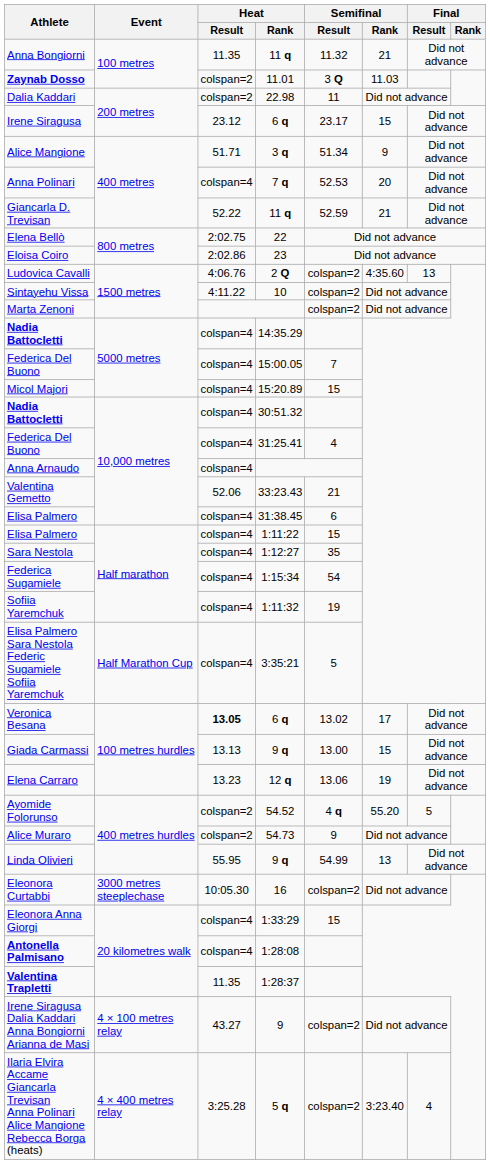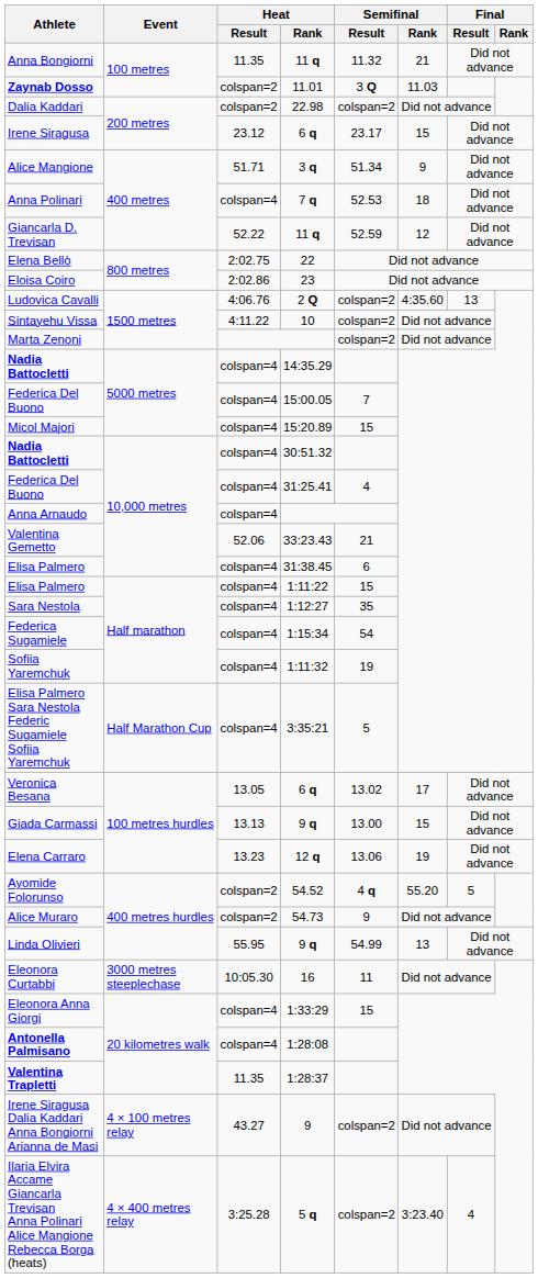 <table class=wikitable style=font-size:90%>
 <tr>
 <th rowspan=2>Athlete</th>
 <th rowspan=2>Event</th>
 <th colspan=2>Heat</th>
 <th colspan=2>Semifinal</th>
 <th colspan=2>Final</th>
 </tr>
 <tr style=font-size:95%>
 <th>Result</th>
 <th>Rank</th>
 <th>Result</th>
 <th>Rank</th>
 <th>Result</th>
 <th>Rank</th>
 </tr>
 <tr align=center>
 <td align=left><a href='#'>Anna Bongiorni</a></td>
 <td align=left rowspan=2><a href='#'>100 metres</a></td>
 <td>11.35 </td>
 <td>11 <strong>q</strong></td>
 <td>11.32 </td>
 <td>21</td>
 <td colspan=2>Did not advance</td>
 </tr>
 <tr align=center>
 <td align=left><strong><a href='#'>Zaynab Dosso</a></strong></td>
 <td>colspan=2</td>
 <td>11.01 </td>
 <td>3 <strong>Q</strong></td>
 <td>11.03</td>
 <td></td>
 </tr>
 <tr align=center>
 <td align=left><a href='#'>Dalia Kaddari</a></td>
 <td align=left rowspan=2><a href='#'>200 metres</a></td>
 <td>colspan=2</td>
 <td>22.98 </td>
-<td>11</td>
+<td>colspan=2</td>
 <td colspan=2>Did not advance</td>
 </tr>
 <tr align=center>
 <td align=left><a href='#'>Irene Siragusa</a></td>
 <td>23.12</td>
 <td>6 <strong>q</strong></td>
 <td>23.17</td>
 <td>15</td>
 <td colspan=2>Did not advance</td>
 </tr>
 <tr align=center>
 <td align=left><a href='#'>Alice Mangione</a></td>
 <td align=left rowspan=3><a href='#'>400 metres</a></td>
 <td>51.71 </td>
 <td>3 <strong>q</strong></td>
 <td>51.34 </td>
 <td>9</td>
 <td colspan=2>Did not advance</td>
 </tr>
 <tr align=center>
 <td align=left><a href='#'>Anna Polinari</a></td>
 <td>colspan=4</td>
 <td>7 <strong>q</strong></td>
 <td>52.53</td>
-<td>20</td>
+<td>18</td>
 <td colspan=2>Did not advance</td>
 </tr>
 <tr align=center>
 <td align=left><a href='#'>Giancarla D. Trevisan</a></td>
 <td>52.22 </td>
 <td>11 <strong>q</strong></td>
 <td>52.59</td>
-<td>21</td>
+<td>12</td>
 <td colspan=2>Did not advance</td>
 </tr>
 <tr align=center>
 <td align=left><a href='#'>Elena Bellò</a></td>
 <td align=left rowspan=2><a href='#'>800 metres</a></td>
 <td>2:02.75</td>
 <td>22</td>
 <td colspan=4>Did not advance</td>
 </tr>
 <tr align=center>
 <td align=left><a href='#'>Eloisa Coiro</a></td>
 <td>2:02.86</td>
 <td>23</td>
 <td colspan=4>Did not advance</td>
 </tr>
 <tr align=center>
 <td align=left><a href='#'>Ludovica Cavalli</a></td>
 <td align=left rowspan=3><a href='#'>1500 metres</a></td>
 <td>4:06.76</td>
 <td>2 <strong>Q</strong></td>
 <td>colspan=2</td>
 <td>4:35.60</td>
 <td>13</td>
 </tr>
 <tr align=center>
 <td align=left><a href='#'>Sintayehu Vissa</a></td>
 <td>4:11.22</td>
 <td>10</td>
 <td>colspan=2</td>
 <td colspan=2>Did not advance</td>
 </tr>
 <tr align=center>
 <td align=left><a href='#'>Marta Zenoni</a></td>
 <td colspan=2></td>
 <td>colspan=2</td>
 <td colspan=2>Did not advance</td>
 </tr>
 <tr align=center>
 <td align=left><strong><a href='#'>Nadia Battocletti</a></strong></td>
 <td align=left rowspan=3><a href='#'>5000 metres</a></td>
 <td>colspan=4</td>
 <td>14:35.29 </td>
 <td></td>
 </tr>
 <tr align=center>
 <td align=left><a href='#'>Federica Del Buono</a></td>
 <td>colspan=4</td>
 <td>15:00.05 </td>
 <td>7</td>
 </tr>
 <tr align=center>
 <td align=left><a href='#'>Micol Majori</a></td>
 <td>colspan=4</td>
 <td>15:20.89 </td>
 <td>15</td>
 </tr>
 <tr align=center>
 <td align=left><strong><a href='#'>Nadia Battocletti</a></strong></td>
 <td align=left rowspan=5><a href='#'>10,000 metres</a></td>
 <td>colspan=4</td>
 <td>30:51.32 </td>
 <td></td>
 </tr>
 <tr align=center>
 <td align=left><a href='#'>Federica Del Buono</a></td>
 <td>colspan=4</td>
 <td>31:25.41 </td>
 <td>4</td>
 </tr>
 <tr align=center>
 <td align=left><a href='#'>Anna Arnaudo</a></td>
 <td>colspan=4</td>
 <td colspan=2></td>
 </tr>
 <tr align=center>
 <td align=left><a href='#'>Valentina Gemetto</a></td>
 <td>52.06</td>
 <td>33:23.43</td>
 <td>21</td>
 </tr>
 <tr align=center>
 <td align=left><a href='#'>Elisa Palmero</a></td>
 <td>colspan=4</td>
 <td>31:38.45 </td>
 <td>6</td>
 </tr>
 <tr align=center>
 <td align=left><a href='#'>Elisa Palmero</a></td>
 <td align=left rowspan=4><a href='#'>Half marathon</a></td>
 <td>colspan=4</td>
 <td>1:11:22 </td>
 <td>15</td>
 </tr>
 <tr align=center>
 <td align=left><a href='#'>Sara Nestola</a></td>
 <td>colspan=4</td>
 <td>1:12:27</td>
 <td>35</td>
 </tr>
 <tr align=center>
 <td align=left><a href='#'>Federica Sugamiele</a></td>
 <td>colspan=4</td>
 <td>1:15:34 </td>
 <td>54</td>
 </tr>
 <tr align=center>
 <td align=left><a href='#'>Sofiia Yaremchuk</a></td>
 <td>colspan=4</td>
 <td>1:11:32</td>
 <td>19</td>
 </tr>
 <tr align=center>
 <td align=left><a href='#'>Elisa Palmero</a><br><a href='#'>Sara Nestola</a><br><a href='#'>Federic Sugamiele</a><br><a href='#'>Sofiia Yaremchuk</a></td>
 <td align=left><a href='#'>Half Marathon Cup</a></td>
 <td>colspan=4</td>
 <td>3:35:21</td>
 <td>5</td>
 </tr>
 <tr align=center>
 <td align=left><a href='#'>Veronica Besana</a></td>
 <td align=left rowspan=3><a href='#'>100 metres hurdles</a></td>
-<td><strong>13.05</strong></td>
+<td>13.05</td>
 <td>6 <strong>q</strong></td>
 <td>13.02</td>
 <td>17</td>
 <td colspan=2>Did not advance</td>
 </tr>
 <tr align=center>
 <td align=left><a href='#'>Giada Carmassi</a></td>
 <td>13.13</td>
 <td>9 <strong>q</strong></td>
 <td>13.00</td>
 <td>15</td>
 <td colspan=2>Did not advance</td>
 </tr>
 <tr align=center>
 <td align=left><a href='#'>Elena Carraro</a></td>
 <td>13.23</td>
 <td>12 <strong>q</strong></td>
 <td>13.06 </td>
 <td>19</td>
 <td colspan=2>Did not advance</td>
 </tr>
 <tr align=center>
 <td align=left><a href='#'>Ayomide Folorunso</a></td>
 <td align=left rowspan=3><a href='#'>400 metres hurdles</a></td>
 <td>colspan=2</td>
 <td>54.52 </td>
 <td>4 <strong>q</strong></td>
 <td>55.20</td>
 <td>5</td>
 </tr>
 <tr align=center>
 <td align=left><a href='#'>Alice Muraro</a></td>
 <td>colspan=2</td>
 <td>54.73 </td>
 <td>9</td>
 <td colspan=2>Did not advance</td>
 </tr>
 <tr align=center>
 <td align=left><a href='#'>Linda Olivieri</a></td>
 <td>55.95</td>
 <td>9 <strong>q</strong></td>
 <td>54.99 </td>
 <td>13</td>
 <td colspan=2>Did not advance</td>
 </tr>
 <tr align=center>
 <td align=left><a href='#'>Eleonora Curtabbi</a></td>
 <td align=left><a href='#'>3000 metres steeplechase</a></td>
 <td>10:05.30</td>
 <td>16</td>
-<td>colspan=2</td>
+<td>11</td>
 <td colspan=2>Did not advance</td>
 </tr>
 <tr align=center>
 <td align=left><a href='#'>Eleonora Anna Giorgi</a></td>
 <td align=left rowspan=3><a href='#'>20 kilometres walk</a></td>
 <td>colspan=4</td>
 <td>1:33:29</td>
 <td>15</td>
 </tr>
 <tr align=center>
 <td align=left><strong><a href='#'>Antonella Palmisano</a></strong></td>
 <td>colspan=4</td>
 <td>1:28:08</td>
 <td></td>
 </tr>
 <tr align=center>
 <td align=left><strong><a href='#'>Valentina Trapletti</a></strong></td>
 <td>11.35 </td>
 <td>1:28:37 </td>
 <td></td>
 </tr>
 <tr align=center>
 <td align=left><a href='#'>Irene Siragusa</a><br><a href='#'>Dalia Kaddari</a><br><a href='#'>Anna Bongiorni</a><br><a href='#'>Arianna de Masi</a></td>
 <td align=left><a href='#'>4 × 100 metres relay</a></td>
 <td>43.27</td>
 <td>9</td>
 <td>colspan=2</td>
 <td colspan=2>Did not advance</td>
 </tr>
 <tr align=center>
 <td align=left><a href='#'>Ilaria Elvira Accame</a><br><a href='#'>Giancarla Trevisan</a><br><a href='#'>Anna Polinari</a><br><a href='#'>Alice Mangione</a><br><a href='#'>Rebecca Borga</a> (heats)</td>
 <td align=left><a href='#'>4 × 400 metres relay</a></td>
 <td>3:25.28 </td>
 <td>5 <strong>q</strong></td>
 <td>colspan=2</td>
 <td>3:23.40 </td>
 <td>4</td>
 </tr>
 </table>
